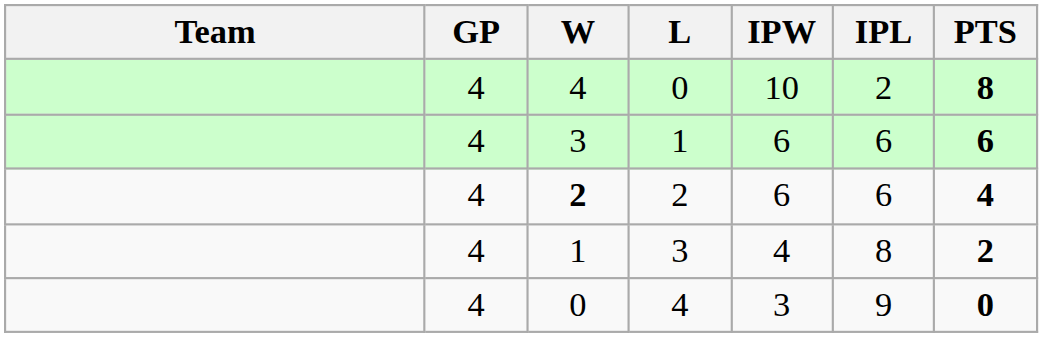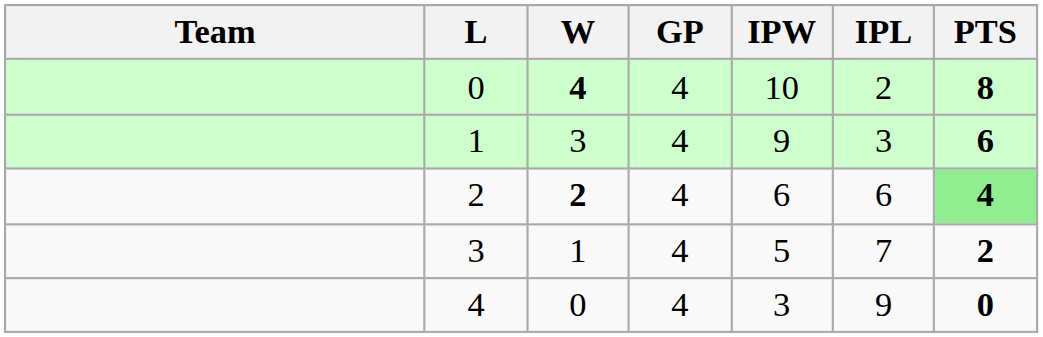 <table class="wikitable" style="text-align: center">
 <tr>
 <th style="width: 188px">Team</th>
+<th style="width: 40px">L</th>
+<th style="width: 40px">W</th>
 <th style="width: 40px">GP</th>
-<th style="width: 40px">W</th>
-<th style="width: 40px">L</th>
 <th style="width: 40px">IPW</th>
 <th style="width: 40px">IPL</th>
 <th style="width: 40px">PTS</th>
 </tr>
 <tr style="background: #ccffcc">
 <td style="text-align: left"></td>
+<td>0</td>
+<td><strong>4</strong></td>
 <td>4</td>
-<td>4</td>
-<td>0</td>
 <td>10</td>
 <td>2</td>
 <td><strong>8</strong></td>
 </tr>
 <tr style="background: #ccffcc">
 <td style="text-align: left"></td>
+<td>1</td>
+<td>3</td>
 <td>4</td>
+<td>9</td>
 <td>3</td>
-<td>1</td>
-<td>6</td>
-<td>6</td>
 <td><strong>6</strong></td>
 </tr>
 <tr>
 <td style="text-align: left"></td>
+<td>2</td>
+<td><strong>2</strong></td>
 <td>4</td>
-<td><strong>2</strong></td>
-<td>2</td>
 <td>6</td>
 <td>6</td>
-<td><strong>4</strong></td>
+<td style="background: lightgreen;"><strong>4</strong></td>
 </tr>
 <tr>
 <td style="text-align: left"></td>
+<td>3</td>
+<td>1</td>
 <td>4</td>
-<td>1</td>
-<td>3</td>
-<td>4</td>
-<td>8</td>
+<td>5</td>
+<td>7</td>
 <td><strong>2</strong></td>
 </tr>
 <tr>
 <td style="text-align: left"></td>
 <td>4</td>
 <td>0</td>
 <td>4</td>
 <td>3</td>
 <td>9</td>
 <td><strong>0</strong></td>
 </tr>
 </table>
